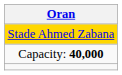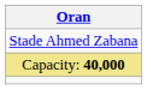 <table class="wikitable" style="text-align:center;margin:1em auto;">
 <tr>
 <th colspan="3"><a href='#'>Oran</a></th>
 </tr>
 <tr>
-<td style="background: gold;"><a href='#'>Stade Ahmed Zabana</a></td>
+<td><a href='#'>Stade Ahmed Zabana</a></td>
 </tr>
 <tr>
-<td>Capacity: <strong>40,000</strong></td>
+<td style="background: khaki;">Capacity: <strong>40,000</strong></td>
 </tr>
 <tr>
 <td></td>
 </tr>
 </table>
